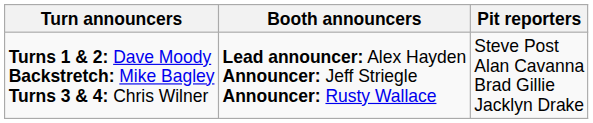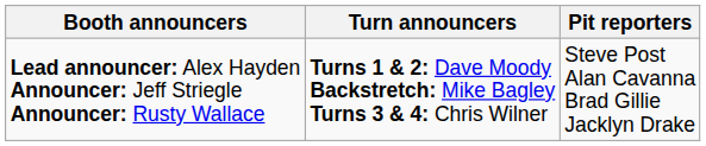 <table class="wikitable" style="font-size: 95%;">
 <tr>
+<th>Booth announcers</th>
 <th>Turn announcers</th>
-<th>Booth announcers</th>
 <th>Pit reporters</th>
 </tr>
 <tr>
+<td><strong>Lead announcer:</strong> Alex Hayden<br><strong>Announcer:</strong> Jeff Striegle<br><strong>Announcer:</strong> <a href='#'>Rusty Wallace</a></td>
 <td><strong>Turns 1 & 2:</strong> <a href='#'>Dave Moody</a><br><strong>Backstretch:</strong> <a href='#'>Mike Bagley</a><br><strong>Turns 3 & 4:</strong> Chris Wilner</td>
-<td><strong>Lead announcer:</strong> Alex Hayden<br><strong>Announcer:</strong> Jeff Striegle<br><strong>Announcer:</strong> <a href='#'>Rusty Wallace</a></td>
 <td>Steve Post<br>Alan Cavanna<br>Brad Gillie<br>Jacklyn Drake</td>
 </tr>
 </table>
